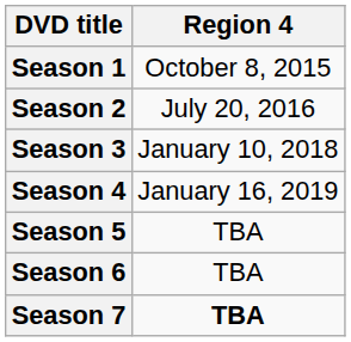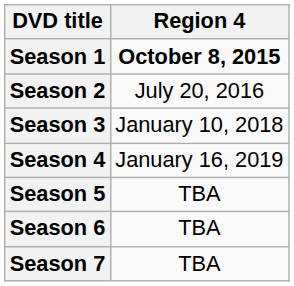 <table class="wikitable" style="text-align:center;">
 <tr>
 <th scope="col">DVD title</th>
 <th scope="col">Region 4</th>
 </tr>
 <tr>
 <th scope="row">Season 1</th>
-<td>October 8, 2015</td>
+<td><strong>October 8, 2015</strong></td>
 </tr>
 <tr>
 <th scope="row">Season 2</th>
 <td>July 20, 2016</td>
 </tr>
 <tr>
 <th scope="row">Season 3</th>
 <td>January 10, 2018</td>
 </tr>
 <tr>
 <th scope="row">Season 4</th>
 <td>January 16, 2019</td>
 </tr>
 <tr>
 <th scope="row">Season 5</th>
 <td>TBA</td>
 </tr>
 <tr>
 <th scope="row">Season 6</th>
 <td>TBA</td>
 </tr>
 <tr>
 <th scope="row">Season 7</th>
-<td><strong>TBA</strong></td>
+<td>TBA</td>
 </tr>
 </table>
